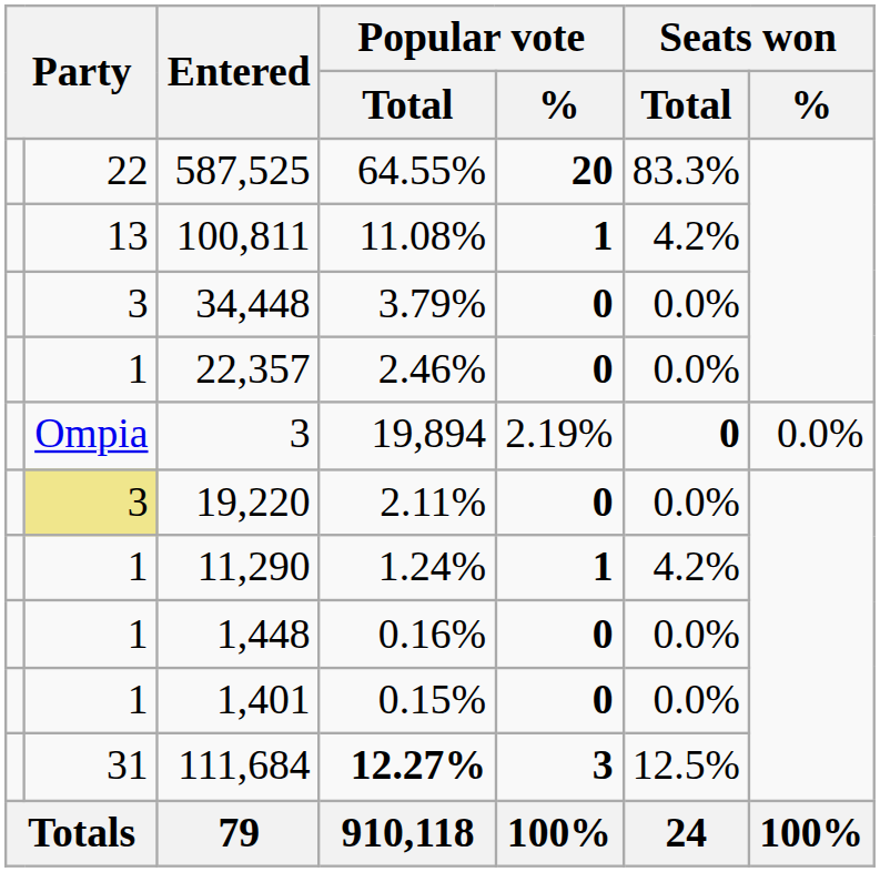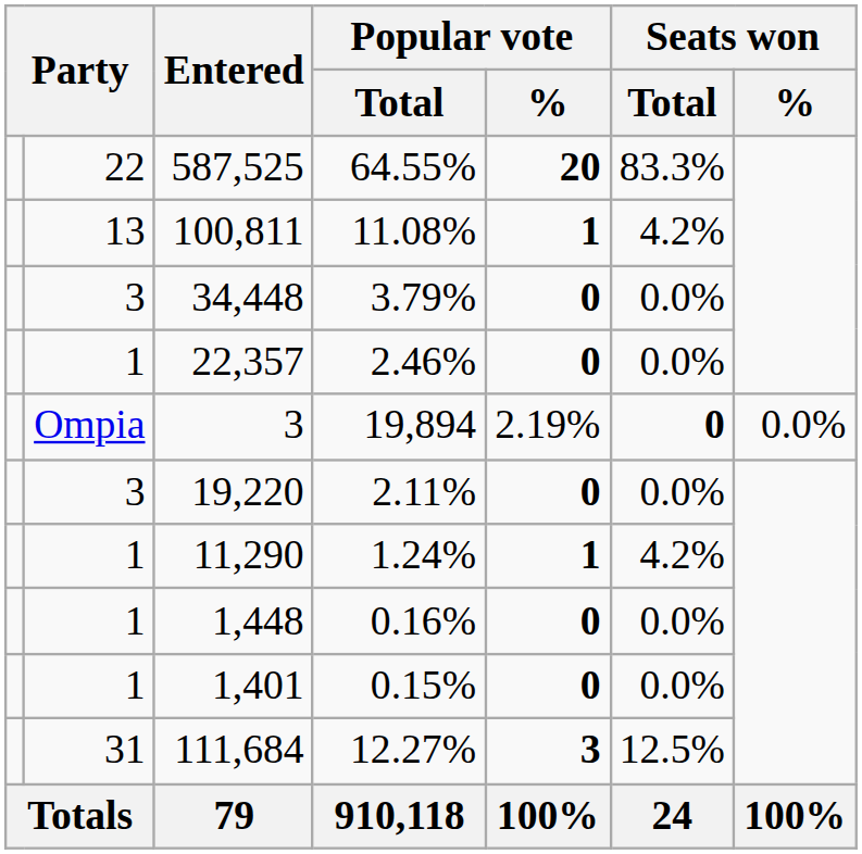 <table class=wikitable style="text-align:right">
 <tr>
 <th colspan=2 rowspan=2>Party</th>
 <th rowspan=2>Entered</th>
 <th colspan=2>Popular vote</th>
 <th colspan=2>Seats won</th>
 </tr>
 <tr>
 <th width=60px>Total</th>
 <th width=40px>%</th>
 <th width=40px>Total</th>
 <th width=40px>%</th>
 </tr>
 <tr>
 <td></td>
 <td>22</td>
 <td>587,525</td>
 <td>64.55%</td>
 <td><strong>20</strong></td>
 <td>83.3%</td>
 </tr>
 <tr>
 <td></td>
 <td>13</td>
 <td>100,811</td>
 <td>11.08%</td>
 <td><strong>1</strong></td>
 <td>4.2%</td>
 </tr>
 <tr>
 <td></td>
 <td>3</td>
 <td>34,448</td>
 <td>3.79%</td>
 <td><strong>0</strong></td>
 <td>0.0%</td>
 </tr>
 <tr>
 <td></td>
 <td>1</td>
 <td>22,357</td>
 <td>2.46%</td>
 <td><strong>0</strong></td>
 <td>0.0%</td>
 </tr>
 <tr>
 <td></td>
 <td align=left><a href='#'>Ompia</a></td>
 <td>3</td>
 <td>19,894</td>
 <td>2.19%</td>
 <td><strong>0</strong></td>
 <td>0.0%</td>
 </tr>
 <tr>
 <td></td>
-<td style="background: khaki;">3</td>
+<td>3</td>
 <td>19,220</td>
 <td>2.11%</td>
 <td><strong>0</strong></td>
 <td>0.0%</td>
 </tr>
 <tr>
 <td></td>
 <td>1</td>
 <td>11,290</td>
 <td>1.24%</td>
 <td><strong>1</strong></td>
 <td>4.2%</td>
 </tr>
 <tr>
 <td></td>
 <td>1</td>
 <td>1,448</td>
 <td>0.16%</td>
 <td><strong>0</strong></td>
 <td>0.0%</td>
 </tr>
 <tr>
 <td></td>
 <td>1</td>
 <td>1,401</td>
 <td>0.15%</td>
 <td><strong>0</strong></td>
 <td>0.0%</td>
 </tr>
 <tr>
 <td></td>
 <td>31</td>
 <td>111,684</td>
-<td><strong>12.27%</strong></td>
+<td>12.27%</td>
 <td><strong>3</strong></td>
 <td>12.5%</td>
 </tr>
 <tr>
 <th colspan=2>Totals</th>
 <th>79</th>
 <th>910,118</th>
 <th>100%</th>
 <th>24</th>
 <th>100%</th>
 </tr>
 </table>
